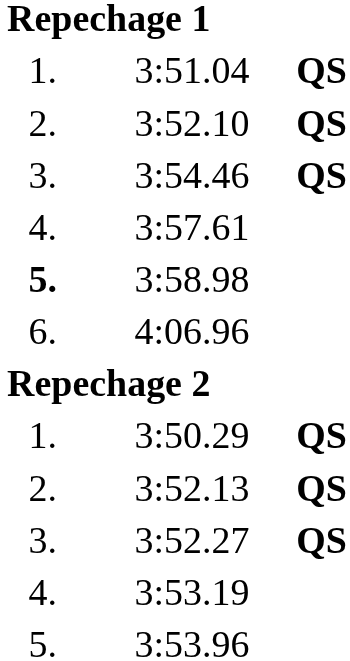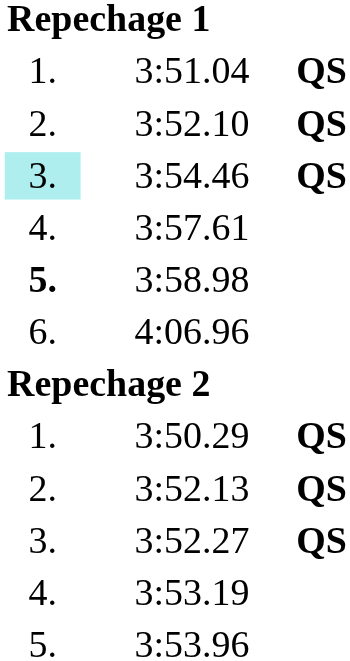 <table style="text-align:center">
 <tr>
 <td colspan=4 align=left><strong>Repechage 1</strong></td>
 </tr>
 <tr>
 <td width=30>1.</td>
 <td align=left></td>
 <td width=80>3:51.04</td>
 <td><strong>QS</strong></td>
 </tr>
 <tr>
 <td>2.</td>
 <td align=left></td>
 <td>3:52.10</td>
 <td><strong>QS</strong></td>
 </tr>
 <tr>
-<td>3.</td>
+<td style="background: paleturquoise;">3.</td>
 <td align=left></td>
 <td>3:54.46</td>
 <td><strong>QS</strong></td>
 </tr>
 <tr>
 <td>4.</td>
 <td align=left></td>
 <td>3:57.61</td>
 <td></td>
 </tr>
 <tr>
 <td><strong>5.</strong></td>
 <td align=left></td>
 <td>3:58.98</td>
 <td></td>
 </tr>
 <tr>
 <td>6.</td>
 <td align=left></td>
 <td>4:06.96</td>
 <td></td>
 </tr>
 <tr>
 <td colspan=4 align=left><strong>Repechage 2</strong></td>
 </tr>
 <tr>
 <td>1.</td>
 <td align=left></td>
 <td>3:50.29</td>
 <td><strong>QS</strong></td>
 </tr>
 <tr>
 <td>2.</td>
 <td align=left></td>
 <td>3:52.13</td>
 <td><strong>QS</strong></td>
 </tr>
 <tr>
 <td>3.</td>
 <td align=left></td>
 <td>3:52.27</td>
 <td><strong>QS</strong></td>
 </tr>
 <tr>
 <td>4.</td>
 <td align=left></td>
 <td>3:53.19</td>
 <td></td>
 </tr>
 <tr>
 <td>5.</td>
 <td align=left></td>
 <td>3:53.96</td>
 <td></td>
 </tr>
 </table>
